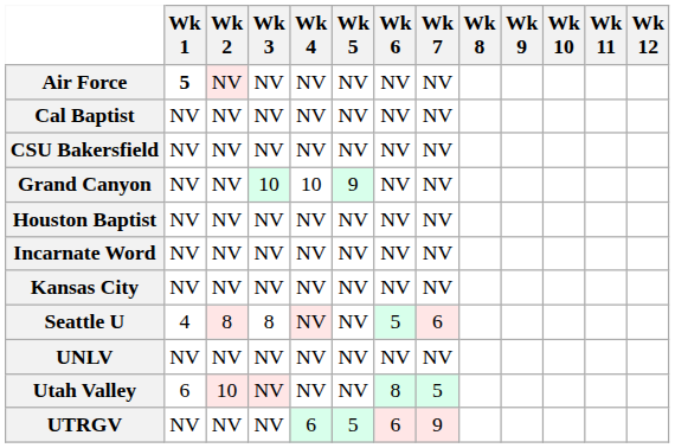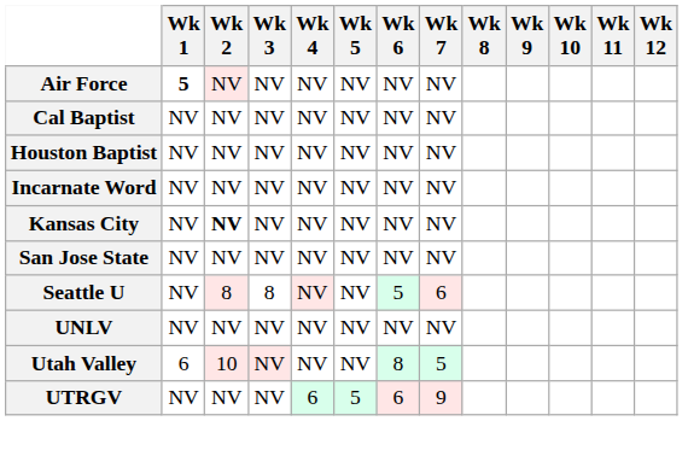 <table class="wikitable" style="white-space:nowrap;font-size:90%;text-align:center;">
 <tr>
 <th style="background:white; border-top-style:hidden; border-left-style:hidden;"> </th>
 <th>Wk<br> 1</th>
 <th>Wk<br>2</th>
 <th>Wk<br>3</th>
 <th>Wk<br>4</th>
 <th>Wk<br>5</th>
 <th>Wk<br>6</th>
 <th>Wk<br>7</th>
 <th>Wk<br>8</th>
 <th>Wk<br>9</th>
 <th>Wk<br>10</th>
 <th>Wk<br>11</th>
 <th>Wk<br>12</th>
 </tr>
 <tr>
 <th>Air Force</th>
 <td style="background:#FFF;"><strong>5</strong></td>
 <td style="background:#ffe6e6;">NV</td>
 <td style="background:#FFF;">NV</td>
 <td style="background:#FFF;">NV</td>
 <td style="background:#FFF;">NV</td>
 <td style="background:#FFF;">NV</td>
 <td style="background:#FFF;">NV</td>
 <td style="background:#FFF;"></td>
 <td style="background:#FFF;"></td>
 <td style="background:#FFF;"></td>
 <td style="background:#FFF;"></td>
 <td style="background:#FFF;"></td>
 </tr>
 <tr>
 <th>Cal Baptist</th>
 <td style="background:#FFF;">NV</td>
 <td style="background:#FFF;">NV</td>
 <td style="background:#FFF;">NV</td>
 <td style="background:#FFF;">NV</td>
 <td style="background:#FFF;">NV</td>
 <td style="background:#FFF;">NV</td>
 <td style="background:#FFF;">NV</td>
 <td style="background:#FFF;"></td>
 <td style="background:#FFF;"></td>
 <td style="background:#FFF;"></td>
 <td style="background:#FFF;"></td>
 <td style="background:#FFF;"></td>
 </tr>
 <tr>
-<th>CSU Bakersfield</th>
-<td style="background:#FFF;">NV</td>
-<td style="background:#FFF;">NV</td>
-<td style="background:#FFF;">NV</td>
-<td style="background:#FFF;">NV</td>
-<td style="background:#FFF;">NV</td>
-<td style="background:#FFF;">NV</td>
-<td style="background:#FFF;">NV</td>
-<td style="background:#FFF;"></td>
-<td style="background:#FFF;"></td>
-<td style="background:#FFF;"></td>
-<td style="background:#FFF;"></td>
-<td style="background:#FFF;"></td>
-</tr>
-<tr>
-<th>Grand Canyon</th>
-<td style="background:#FFF;">NV</td>
-<td style="background:#FFF;">NV</td>
-<td style="background:#d8ffeb;">10</td>
-<td style="background:#FFF;">10</td>
-<td style="background:#d8ffeb;">9</td>
-<td style="background:#FFF;">NV</td>
-<td style="background:#FFF;">NV</td>
-<td style="background:#FFF;"></td>
-<td style="background:#FFF;"></td>
-<td style="background:#FFF;"></td>
-<td style="background:#FFF;"></td>
-<td style="background:#FFF;"></td>
-</tr>
-<tr>
 <th>Houston Baptist</th>
 <td style="background:#FFF;">NV</td>
 <td style="background:#FFF;">NV</td>
 <td style="background:#FFF;">NV</td>
 <td style="background:#FFF;">NV</td>
 <td style="background:#FFF;">NV</td>
 <td style="background:#FFF;">NV</td>
 <td style="background:#FFF;">NV</td>
 <td style="background:#FFF;"></td>
 <td style="background:#FFF;"></td>
 <td style="background:#FFF;"></td>
 <td style="background:#FFF;"></td>
 <td style="background:#FFF;"></td>
 </tr>
 <tr>
 <th>Incarnate Word</th>
 <td style="background:#FFF;">NV</td>
 <td style="background:#FFF;">NV</td>
 <td style="background:#FFF;">NV</td>
 <td style="background:#FFF;">NV</td>
 <td style="background:#FFF;">NV</td>
 <td style="background:#FFF;">NV</td>
 <td style="background:#FFF;">NV</td>
 <td style="background:#FFF;"></td>
 <td style="background:#FFF;"></td>
 <td style="background:#FFF;"></td>
 <td style="background:#FFF;"></td>
 <td style="background:#FFF;"></td>
 </tr>
 <tr>
 <th>Kansas City</th>
 <td style="background:#FFF;">NV</td>
+<td style="background:#FFF;"><strong>NV</strong></td>
+<td style="background:#FFF;">NV</td>
+<td style="background:#FFF;">NV</td>
+<td style="background:#FFF;">NV</td>
+<td style="background:#FFF;">NV</td>
+<td style="background:#FFF;">NV</td>
+<td style="background:#FFF;"></td>
+<td style="background:#FFF;"></td>
+<td style="background:#FFF;"></td>
+<td style="background:#FFF;"></td>
+<td style="background:#FFF;"></td>
+</tr>
+<tr>
+<th>San Jose State</th>
+<td style="background:#FFF;">NV</td>
 <td style="background:#FFF;">NV</td>
 <td style="background:#FFF;">NV</td>
 <td style="background:#FFF;">NV</td>
 <td style="background:#FFF;">NV</td>
 <td style="background:#FFF;">NV</td>
 <td style="background:#FFF;">NV</td>
 <td style="background:#FFF;"></td>
 <td style="background:#FFF;"></td>
 <td style="background:#FFF;"></td>
 <td style="background:#FFF;"></td>
 <td style="background:#FFF;"></td>
 </tr>
 <tr>
 <th>Seattle U</th>
-<td style="background:#FFF;">4</td>
+<td style="background:#FFF;">NV</td>
 <td style="background:#ffe6e6;">8</td>
 <td style="background:#FFF;">8</td>
 <td style="background:#ffe6e6;">NV</td>
 <td style="background:#FFF;">NV</td>
 <td style="background:#d8ffeb;">5</td>
 <td style="background:#ffe6e6;">6</td>
 <td style="background:#FFF;"></td>
 <td style="background:#FFF;"></td>
 <td style="background:#FFF;"></td>
 <td style="background:#FFF;"></td>
 <td style="background:#FFF;"></td>
 </tr>
 <tr>
 <th>UNLV</th>
 <td style="background:#FFF;">NV</td>
 <td style="background:#FFF;">NV</td>
 <td style="background:#FFF;">NV</td>
 <td style="background:#FFF;">NV</td>
 <td style="background:#FFF;">NV</td>
 <td style="background:#FFF;">NV</td>
 <td style="background:#FFF;">NV</td>
 <td style="background:#FFF;"></td>
 <td style="background:#FFF;"></td>
 <td style="background:#FFF;"></td>
 <td style="background:#FFF;"></td>
 <td style="background:#FFF;"></td>
 </tr>
 <tr>
 <th>Utah Valley</th>
 <td style="background:#FFF;">6</td>
 <td style="background:#ffe6e6;">10</td>
 <td style="background:#ffe6e6;">NV</td>
 <td style="background:#FFF;">NV</td>
 <td style="background:#FFF;">NV</td>
 <td style="background:#d8ffeb;">8</td>
 <td style="background:#d8ffeb;">5</td>
 <td style="background:#FFF;"></td>
 <td style="background:#FFF;"></td>
 <td style="background:#FFF;"></td>
 <td style="background:#FFF;"></td>
 <td style="background:#FFF;"></td>
 </tr>
 <tr>
 <th>UTRGV</th>
 <td style="background:#FFF;">NV</td>
 <td style="background:#FFF;">NV</td>
 <td style="background:#FFF;">NV</td>
 <td style="background:#d8ffeb;">6</td>
 <td style="background:#d8ffeb;">5</td>
 <td style="background:#ffe6e6;">6</td>
 <td style="background:#ffe6e6;">9</td>
 <td style="background:#FFF;"></td>
 <td style="background:#FFF;"></td>
 <td style="background:#FFF;"></td>
 <td style="background:#FFF;"></td>
 <td style="background:#FFF;"></td>
 </tr>
 </table>
